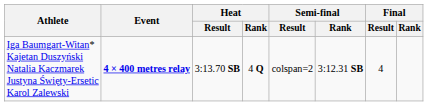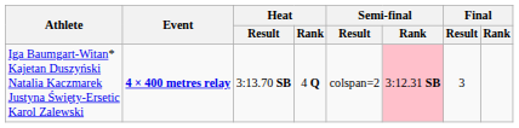 <table class="wikitable" style="text-align:center; font-size:90%">
 <tr>
 <th rowspan="2">Athlete</th>
 <th rowspan="2">Event</th>
 <th colspan="2">Heat</th>
 <th colspan="2">Semi-final</th>
 <th colspan="2">Final</th>
 </tr>
 <tr style="font-size:95%">
 <th>Result</th>
 <th>Rank</th>
 <th>Result</th>
 <th>Rank</th>
 <th>Result</th>
 <th>Rank</th>
 </tr>
 <tr>
 <td style="text-align:left"><a href='#'>Iga Baumgart-Witan</a>*<br><a href='#'>Kajetan Duszyński</a><br><a href='#'>Natalia Kaczmarek</a><br><a href='#'>Justyna Święty-Ersetic</a><br><a href='#'>Karol Zalewski</a></td>
 <td style="text-align:left"><strong><a href='#'>4 × 400 metres relay</a></strong></td>
 <td>3:13.70 <strong>SB</strong></td>
 <td>4 <strong>Q</strong></td>
 <td>colspan=2 </td>
-<td>3:12.31 <strong>SB</strong></td>
-<td>4</td>
+<td style="background: pink;">3:12.31 <strong>SB</strong></td>
+<td>3</td>
 </tr>
 </table>
